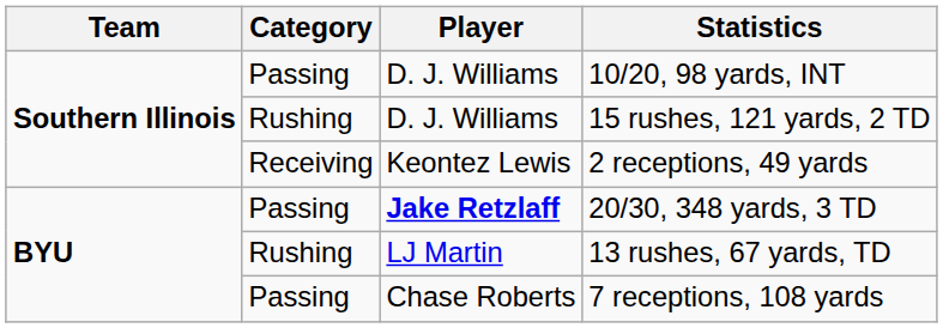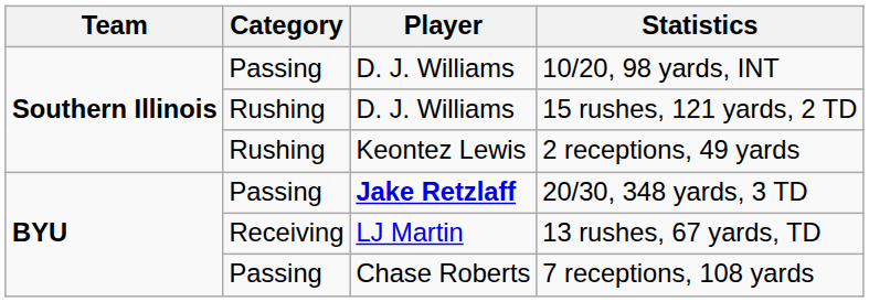 <table class="wikitable" style="float: right;">
 <tr>
 <th>Team</th>
 <th>Category</th>
 <th>Player</th>
 <th>Statistics</th>
 </tr>
 <tr>
 <td rowspan=3><strong>Southern Illinois</strong></td>
 <td>Passing</td>
 <td>D. J. Williams</td>
 <td>10/20, 98 yards, INT</td>
 </tr>
 <tr>
 <td>Rushing</td>
 <td>D. J. Williams</td>
 <td>15 rushes, 121 yards, 2 TD</td>
 </tr>
 <tr>
-<td>Receiving</td>
+<td>Rushing</td>
 <td>Keontez Lewis</td>
 <td>2 receptions, 49 yards</td>
 </tr>
 <tr>
 <td rowspan=3><strong>BYU</strong></td>
 <td>Passing</td>
 <td><strong><a href='#'>Jake Retzlaff</a></strong></td>
 <td>20/30, 348 yards, 3 TD</td>
 </tr>
 <tr>
-<td>Rushing</td>
+<td>Receiving</td>
 <td><a href='#'>LJ Martin</a></td>
 <td>13 rushes, 67 yards, TD</td>
 </tr>
 <tr>
 <td>Passing</td>
 <td>Chase Roberts</td>
 <td>7 receptions, 108 yards</td>
 </tr>
 </table>
